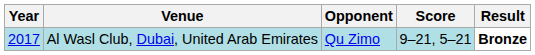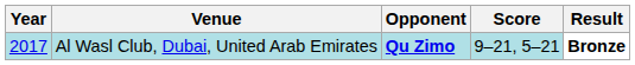 <table class="sortable wikitable" style="font-size: 90%;">
 <tr>
 <th>Year</th>
 <th>Venue</th>
 <th>Opponent</th>
 <th>Score</th>
 <th>Result</th>
 </tr>
 <tr style="background:#B0E0E6">
 <td rowspan="3" align="center"><a href='#'>2017</a></td>
 <td rowspan="3" align="left">Al Wasl Club, <a href='#'>Dubai</a>, United Arab Emirates</td>
-<td align="left"> <a href='#'>Qu Zimo</a></td>
+<td align="left"><strong> <a href='#'>Qu Zimo</a></strong></td>
 <td align="left">9–21, 5–21</td>
 <td style="text-align:left; background:white"> <strong>Bronze</strong></td>
 </tr>
 </table>
